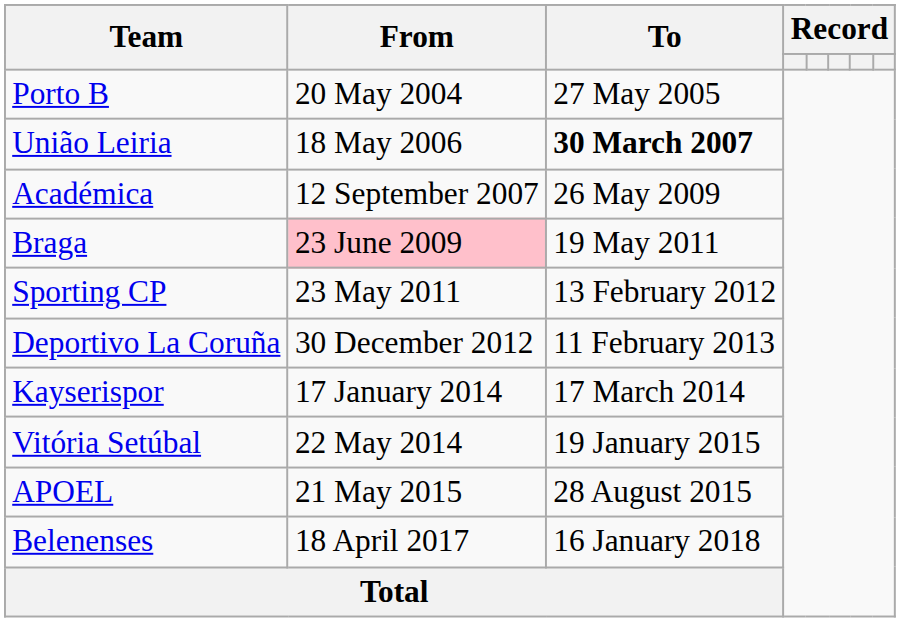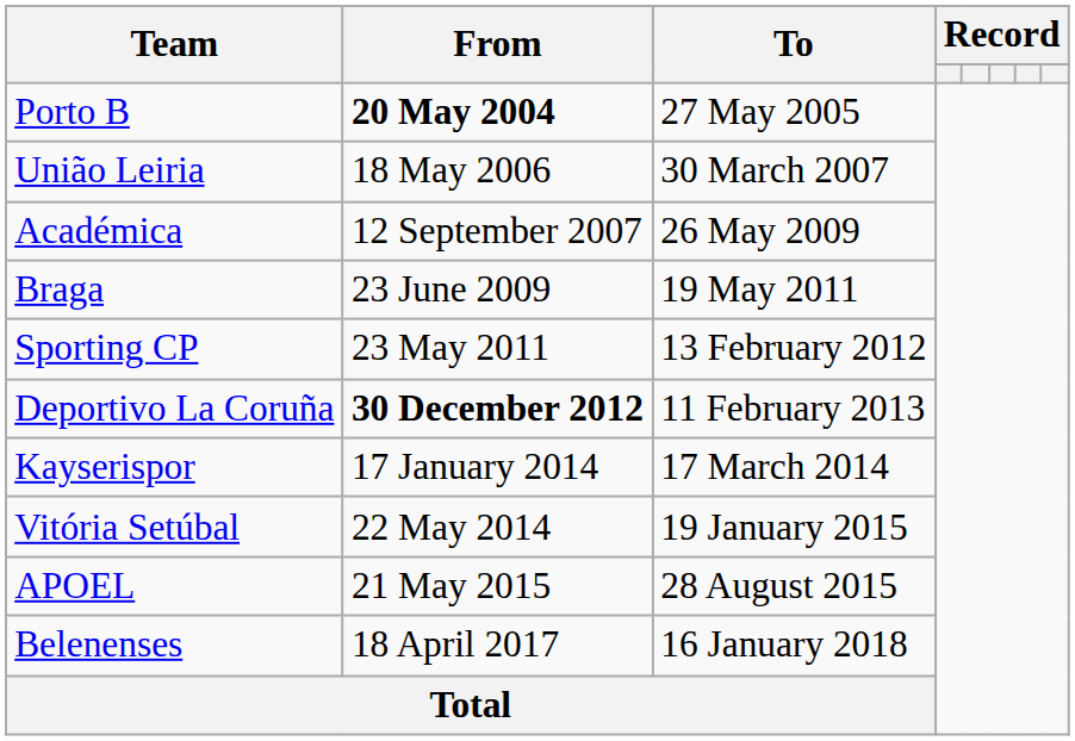 <table class="wikitable" style="text-align: center">
 <tr>
 <th rowspan="2">Team</th>
 <th rowspan="2">From</th>
 <th rowspan="2">To</th>
 <th colspan="5">Record</th>
 </tr>
 <tr>
 <th></th>
 <th></th>
 <th></th>
 <th></th>
 <th></th>
 </tr>
 <tr>
 <td align=left><a href='#'>Porto B</a></td>
-<td align=left>20 May 2004</td>
+<td align=left><strong>20 May 2004</strong></td>
 <td align=left>27 May 2005<br></td>
 </tr>
 <tr>
 <td align=left><a href='#'>União Leiria</a></td>
 <td align=left>18 May 2006</td>
-<td align=left><strong>30 March 2007<br></strong></td>
+<td align=left>30 March 2007<br></td>
 </tr>
 <tr>
 <td align=left><a href='#'>Académica</a></td>
 <td align=left>12 September 2007</td>
 <td align=left>26 May 2009<br></td>
 </tr>
 <tr>
 <td align=left><a href='#'>Braga</a></td>
-<td align=left style="background: pink;">23 June 2009</td>
+<td align=left>23 June 2009</td>
 <td align=left>19 May 2011<br></td>
 </tr>
 <tr>
 <td align=left><a href='#'>Sporting CP</a></td>
 <td align=left>23 May 2011</td>
 <td align=left>13 February 2012<br></td>
 </tr>
 <tr>
 <td align=left><a href='#'>Deportivo La Coruña</a></td>
-<td align=left>30 December 2012</td>
+<td align=left><strong>30 December 2012</strong></td>
 <td align=left>11 February 2013<br></td>
 </tr>
 <tr>
 <td align=left><a href='#'>Kayserispor</a></td>
 <td align=left>17 January 2014</td>
 <td align=left>17 March 2014<br></td>
 </tr>
 <tr>
 <td align=left><a href='#'>Vitória Setúbal</a></td>
 <td align=left>22 May 2014</td>
 <td align=left>19 January 2015<br></td>
 </tr>
 <tr>
 <td align=left><a href='#'>APOEL</a></td>
 <td align=left>21 May 2015</td>
 <td align=left>28 August 2015<br></td>
 </tr>
 <tr>
 <td align=left><a href='#'>Belenenses</a></td>
 <td align=left>18 April 2017</td>
 <td align=left>16 January 2018<br></td>
 </tr>
 <tr>
 <th colspan="3">Total<br></th>
 </tr>
 </table>
